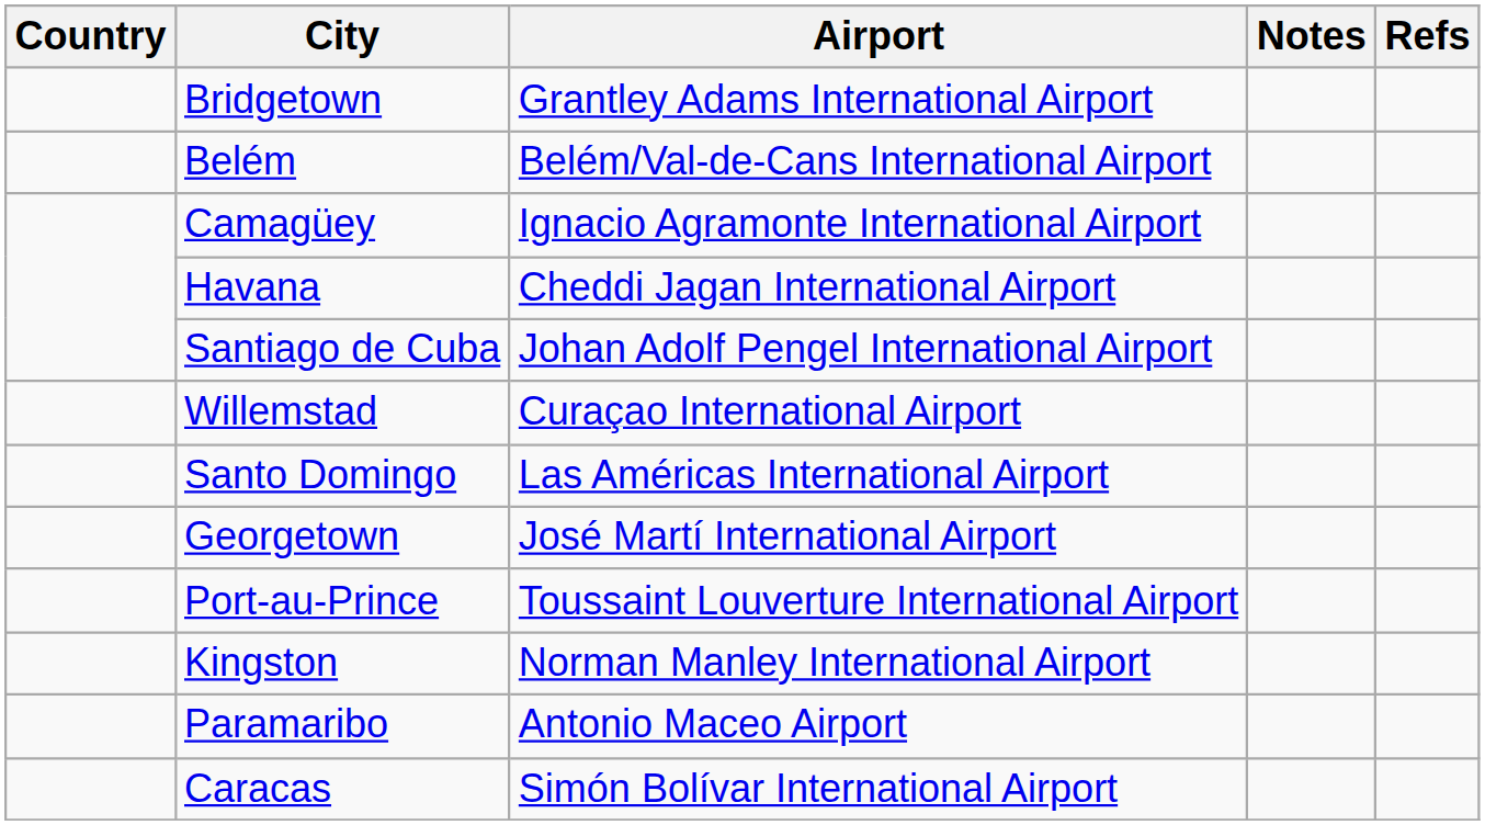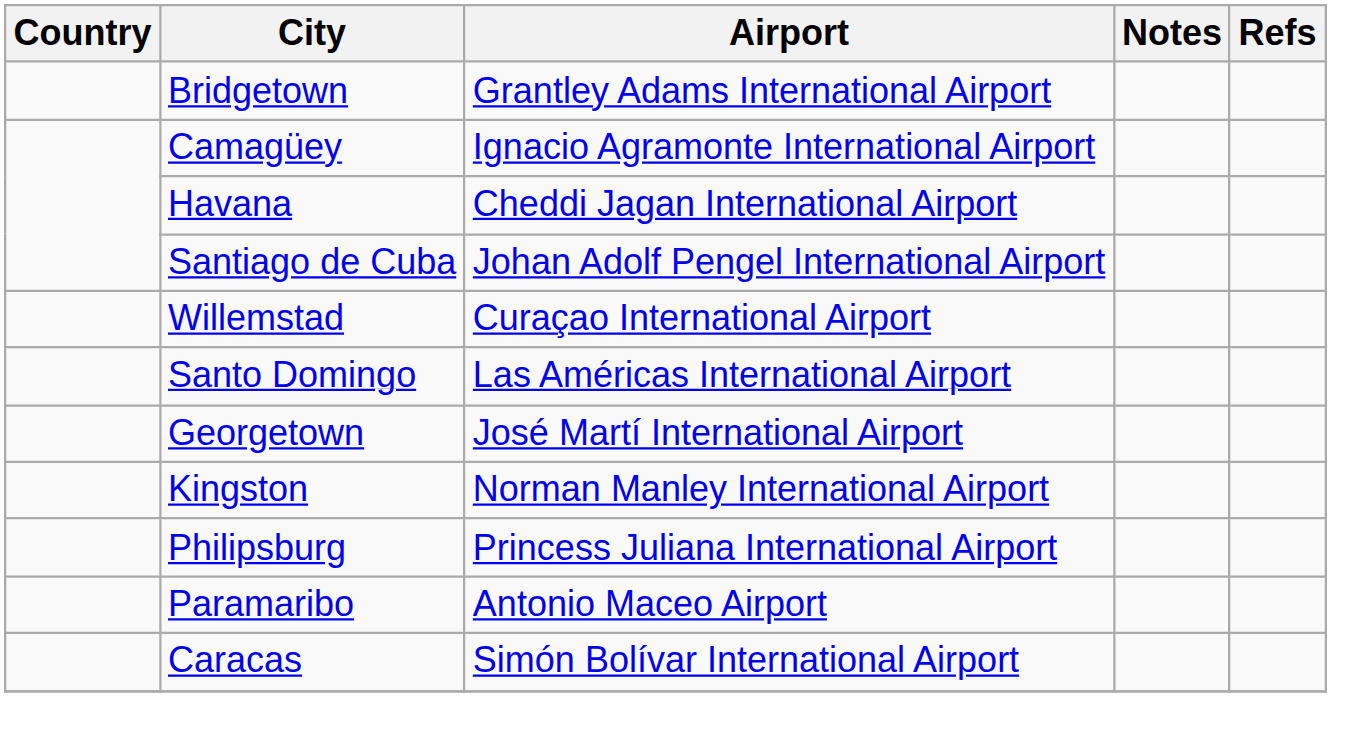 <table class="sortable wikitable">
 <tr>
 <th>Country</th>
 <th>City</th>
 <th>Airport</th>
 <th>Notes</th>
 <th class=unsortable>Refs</th>
 </tr>
 <tr>
 <td></td>
 <td><a href='#'>Bridgetown</a></td>
 <td><a href='#'>Grantley Adams International Airport</a></td>
-<td></td>
-<td></td>
-</tr>
-<tr>
-<td></td>
-<td><a href='#'>Belém</a></td>
-<td><a href='#'>Belém/Val-de-Cans International Airport</a></td>
 <td></td>
 <td></td>
 </tr>
 <tr>
 <td rowspan=3></td>
 <td><a href='#'>Camagüey</a></td>
 <td><a href='#'>Ignacio Agramonte International Airport</a></td>
 <td align=center></td>
 <td></td>
 </tr>
 <tr>
 <td><a href='#'>Havana</a></td>
 <td><a href='#'>Cheddi Jagan International Airport</a></td>
 <td align=center></td>
 <td></td>
 </tr>
 <tr>
 <td><a href='#'>Santiago de Cuba</a></td>
 <td><a href='#'>Johan Adolf Pengel International Airport</a></td>
 <td align=center></td>
 <td></td>
 </tr>
 <tr>
 <td></td>
 <td><a href='#'>Willemstad</a></td>
 <td><a href='#'>Curaçao International Airport</a></td>
 <td align=center></td>
 <td></td>
 </tr>
 <tr>
 <td></td>
 <td><a href='#'>Santo Domingo</a></td>
 <td><a href='#'>Las Américas International Airport</a></td>
 <td></td>
 <td></td>
 </tr>
 <tr>
 <td></td>
 <td><a href='#'>Georgetown</a></td>
 <td><a href='#'>José Martí International Airport</a></td>
 <td align=center></td>
 <td></td>
 </tr>
 <tr>
 <td></td>
-<td><a href='#'>Port-au-Prince</a></td>
-<td><a href='#'>Toussaint Louverture International Airport</a></td>
+<td><a href='#'>Kingston</a></td>
+<td><a href='#'>Norman Manley International Airport</a></td>
 <td></td>
 <td></td>
 </tr>
 <tr>
 <td></td>
-<td><a href='#'>Kingston</a></td>
-<td><a href='#'>Norman Manley International Airport</a></td>
+<td><a href='#'>Philipsburg</a></td>
+<td><a href='#'>Princess Juliana International Airport</a></td>
 <td></td>
 <td></td>
 </tr>
 <tr>
 <td></td>
 <td><a href='#'>Paramaribo</a></td>
 <td><a href='#'>Antonio Maceo Airport</a></td>
 <td></td>
 <td></td>
 </tr>
 <tr>
 <td></td>
 <td><a href='#'>Caracas</a></td>
 <td><a href='#'>Simón Bolívar International Airport</a></td>
 <td></td>
 <td></td>
 </tr>
 <tr>
 </tr>
 </table>
